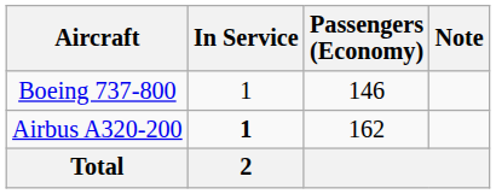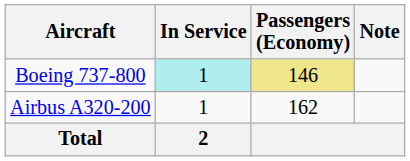 <table class="wikitable" style="border-collapse:collapse;text-align:center;margin:1em auto;">
 <tr>
 <th>Aircraft</th>
 <th>In Service</th>
 <th>Passengers <br>(Economy)</th>
 <th>Note</th>
 </tr>
 <tr>
 <td><a href='#'>Boeing 737-800</a></td>
-<td>1</td>
-<td>146</td>
+<td style="background: paleturquoise;">1</td>
+<td style="background: khaki;">146</td>
 <td></td>
 </tr>
 <tr>
 <td><a href='#'>Airbus A320-200</a></td>
-<td><strong>1</strong></td>
+<td>1</td>
 <td>162</td>
 <td></td>
 </tr>
 <tr>
 <th>Total</th>
 <th>2</th>
 <th colspan="5"></th>
 </tr>
 </table>
